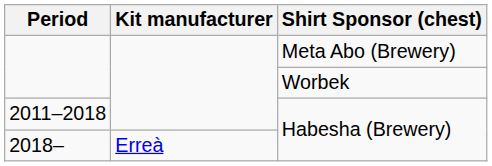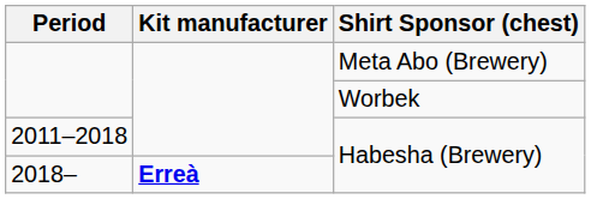 <table class="wikitable mw-collapsible">
 <tr>
 <th>Period</th>
 <th>Kit manufacturer</th>
 <th>Shirt Sponsor (chest)</th>
 </tr>
 <tr>
 <td rowspan="2"></td>
 <td rowspan="3"></td>
 <td>Meta Abo (Brewery)</td>
 </tr>
 <tr>
 <td>Worbek</td>
 </tr>
 <tr>
 <td>2011–2018</td>
 <td rowspan="2">Habesha (Brewery)</td>
 </tr>
 <tr>
 <td>2018–</td>
-<td><a href='#'>Erreà</a></td>
+<td><strong><a href='#'>Erreà</a></strong></td>
 </tr>
 </table>
